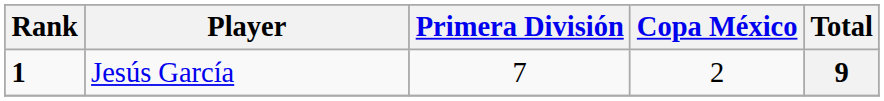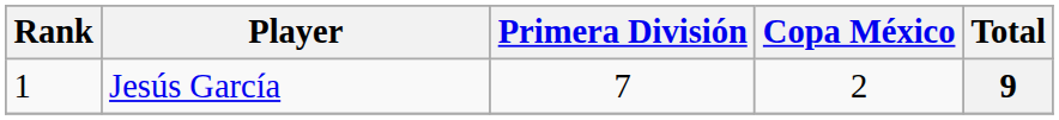 <table class="wikitable">
 <tr>
 <th>Rank</th>
 <th style="width:175px;">Player</th>
 <th><a href='#'>Primera División</a></th>
 <th><a href='#'>Copa México</a></th>
 <th>Total</th>
 </tr>
 <tr>
-<td><strong>1</strong></td>
+<td>1</td>
 <td> <a href='#'>Jesús García</a></td>
 <td align=center>7</td>
 <td align=center>2</td>
 <th>9</th>
 </tr>
 <tr>
 </tr>
 </table>
